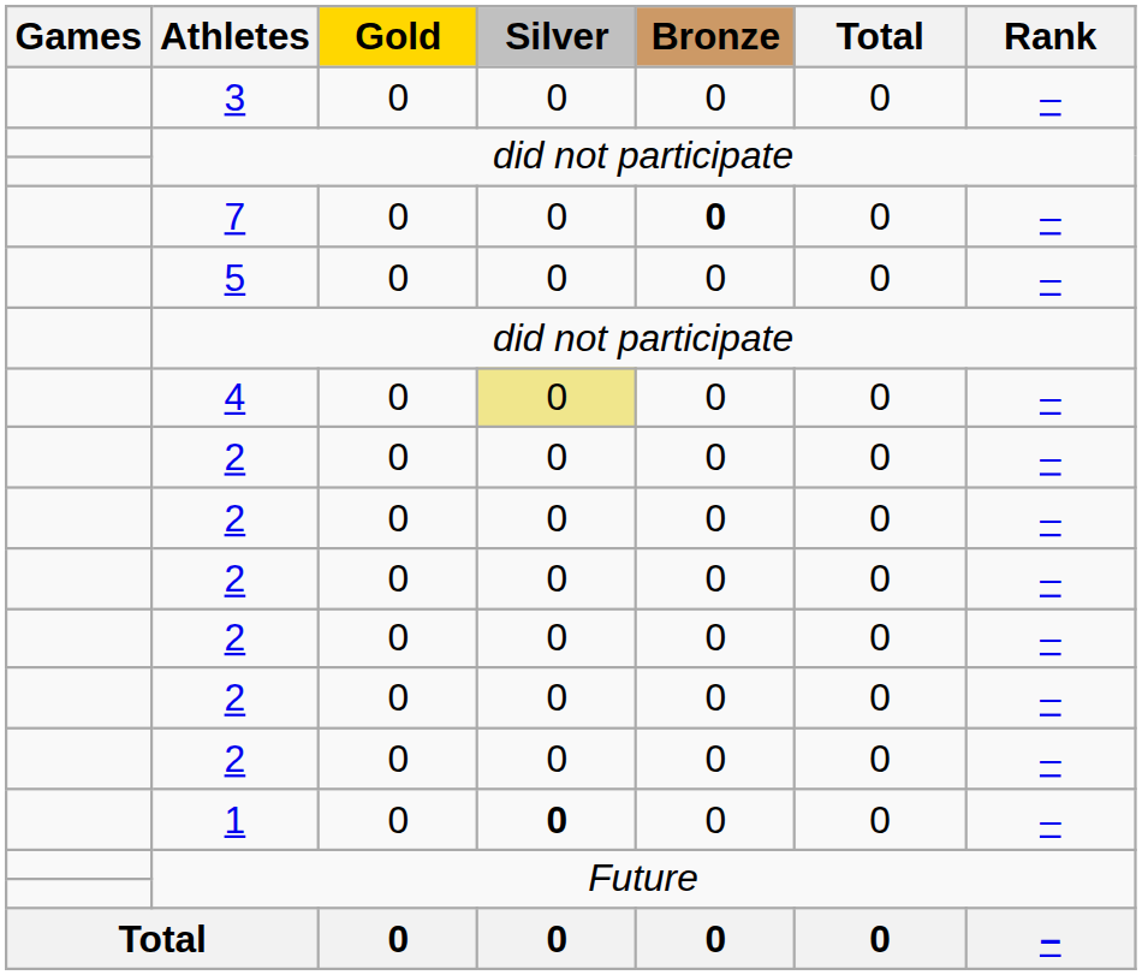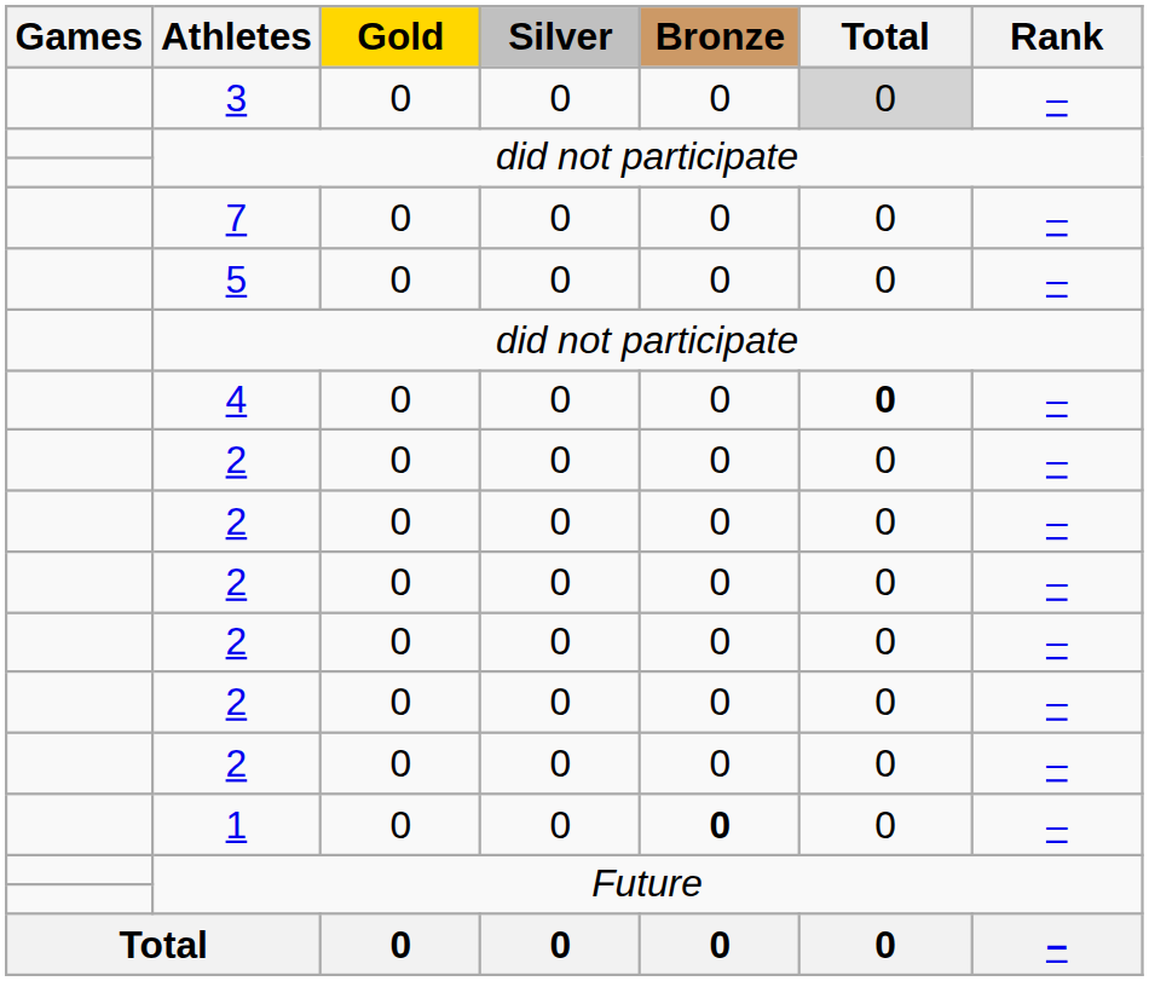 <table class="wikitable" style="text-align:center; font-size:90%;">
 <tr>
 <th>Games</th>
 <th>Athletes</th>
 <td style="background:gold; width:3.7em; font-weight:bold;">Gold</td>
 <td style="background:silver; width:3.7em; font-weight:bold;">Silver</td>
 <td style="background:#cc9966; width:3.7em; font-weight:bold;">Bronze</td>
 <th style="width:4em; font-weight:bold;">Total</th>
 <th style="width:4em; font-weight:bold;">Rank</th>
 </tr>
 <tr>
 <td align=left></td>
 <td><a href='#'>3</a></td>
 <td>0</td>
 <td>0</td>
 <td>0</td>
-<td>0</td>
+<td style="background: lightgrey;">0</td>
 <td><a href='#'>–</a></td>
 </tr>
 <tr>
 <td align=left></td>
 <td colspan=6; rowspan=2><em>did not participate</em></td>
 </tr>
 <tr>
 <td align=left></td>
 </tr>
 <tr>
 <td align=left></td>
 <td><a href='#'>7</a></td>
 <td>0</td>
 <td>0</td>
-<td><strong>0</strong></td>
+<td>0</td>
 <td>0</td>
 <td><a href='#'>–</a></td>
 </tr>
 <tr>
 <td align=left></td>
 <td><a href='#'>5</a></td>
 <td>0</td>
 <td>0</td>
 <td>0</td>
 <td>0</td>
 <td><a href='#'>–</a></td>
 </tr>
 <tr>
 <td align=left></td>
 <td colspan=6; rowspan=1><em>did not participate</em></td>
 </tr>
 <tr>
 <td align=left></td>
 <td><a href='#'>4</a></td>
 <td>0</td>
-<td style="background: khaki;">0</td>
 <td>0</td>
 <td>0</td>
+<td><strong>0</strong></td>
 <td><a href='#'>–</a></td>
 </tr>
 <tr>
 <td align=left></td>
 <td><a href='#'>2</a></td>
 <td>0</td>
 <td>0</td>
 <td>0</td>
 <td>0</td>
 <td><a href='#'>–</a></td>
 </tr>
 <tr>
 <td align=left></td>
 <td><a href='#'>2</a></td>
 <td>0</td>
 <td>0</td>
 <td>0</td>
 <td>0</td>
 <td><a href='#'>–</a></td>
 </tr>
 <tr>
 <td align=left></td>
 <td><a href='#'>2</a></td>
 <td>0</td>
 <td>0</td>
 <td>0</td>
 <td>0</td>
 <td><a href='#'>–</a></td>
 </tr>
 <tr>
 <td align=left></td>
 <td><a href='#'>2</a></td>
 <td>0</td>
 <td>0</td>
 <td>0</td>
 <td>0</td>
 <td><a href='#'>–</a></td>
 </tr>
 <tr>
 <td align=left></td>
 <td><a href='#'>2</a></td>
 <td>0</td>
 <td>0</td>
 <td>0</td>
 <td>0</td>
 <td><a href='#'>–</a></td>
 </tr>
 <tr>
 <td align=left></td>
 <td><a href='#'>2</a></td>
 <td>0</td>
 <td>0</td>
 <td>0</td>
 <td>0</td>
 <td><a href='#'>–</a></td>
 </tr>
 <tr>
 <td align=left></td>
 <td><a href='#'>1</a></td>
 <td>0</td>
+<td>0</td>
 <td><strong>0</strong></td>
-<td>0</td>
 <td>0</td>
 <td><a href='#'>–</a></td>
 </tr>
 <tr>
 <td align=left></td>
 <td colspan="6" rowspan="2"><em>Future</em></td>
 </tr>
 <tr>
 <td align=left></td>
 </tr>
 <tr>
 <th colspan=2>Total</th>
 <th>0</th>
 <th>0</th>
 <th>0</th>
 <th>0</th>
 <th><a href='#'>–</a></th>
 </tr>
 </table>
